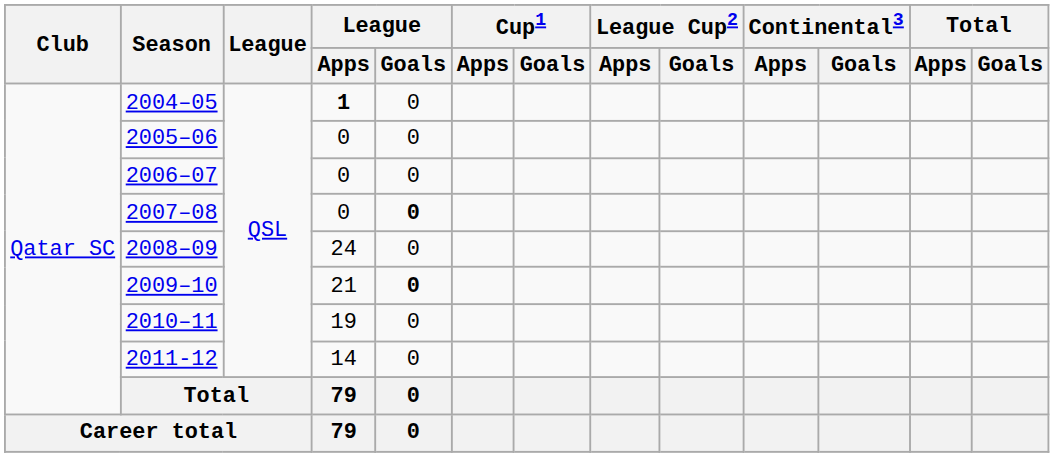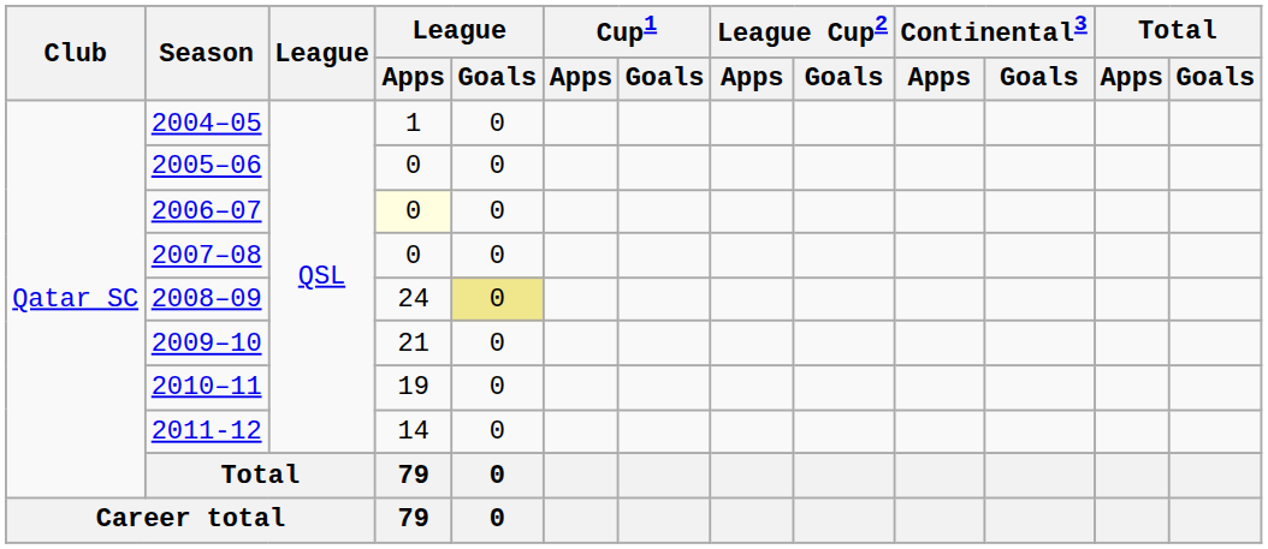 <table class="wikitable" style="font-size:90%; text-align:center;">
 <tr>
 <th rowspan="2">Club</th>
 <th rowspan="2">Season</th>
 <th rowspan="2">League</th>
 <th colspan="2">League</th>
 <th colspan="2">Cup<sup><a href='#'>1</a></sup></th>
 <th colspan="2">League Cup<sup><a href='#'>2</a></sup></th>
 <th colspan="2">Continental<sup><a href='#'>3</a></sup></th>
 <th colspan="2">Total</th>
 </tr>
 <tr>
 <th>Apps</th>
 <th>Goals</th>
 <th>Apps</th>
 <th>Goals</th>
 <th>Apps</th>
 <th>Goals</th>
 <th>Apps</th>
 <th>Goals</th>
 <th>Apps</th>
 <th>Goals</th>
 </tr>
 <tr>
 <td rowspan="9"><a href='#'>Qatar SC</a></td>
 <td><a href='#'>2004–05</a></td>
 <td rowspan="8" valign="center"><a href='#'>QSL</a></td>
-<td><strong>1</strong></td>
+<td>1</td>
 <td>0</td>
 <td></td>
 <td></td>
 <td></td>
 <td></td>
 <td></td>
 <td></td>
 <td></td>
 <td></td>
 </tr>
 <tr>
 <td><a href='#'>2005–06</a></td>
 <td>0</td>
 <td>0</td>
 <td></td>
 <td></td>
 <td></td>
 <td></td>
 <td></td>
 <td></td>
 <td></td>
 <td></td>
 </tr>
 <tr>
 <td><a href='#'>2006–07</a></td>
-<td>0</td>
+<td style="background: lightyellow;">0</td>
 <td>0</td>
 <td></td>
 <td></td>
 <td></td>
 <td></td>
 <td></td>
 <td></td>
 <td></td>
 <td></td>
 </tr>
 <tr>
 <td><a href='#'>2007–08</a></td>
 <td>0</td>
-<td><strong>0</strong></td>
+<td>0</td>
 <td></td>
 <td></td>
 <td></td>
 <td></td>
 <td></td>
 <td></td>
 <td></td>
 <td></td>
 </tr>
 <tr>
 <td><a href='#'>2008–09</a></td>
 <td>24</td>
-<td>0</td>
+<td style="background: khaki;">0</td>
 <td></td>
 <td></td>
 <td></td>
 <td></td>
 <td></td>
 <td></td>
 <td></td>
 <td></td>
 </tr>
 <tr>
 <td><a href='#'>2009–10</a></td>
 <td>21</td>
-<td><strong>0</strong></td>
+<td>0</td>
 <td></td>
 <td></td>
 <td></td>
 <td></td>
 <td></td>
 <td></td>
 <td></td>
 <td></td>
 </tr>
 <tr>
 <td><a href='#'>2010–11</a></td>
 <td>19</td>
 <td>0</td>
 <td></td>
 <td></td>
 <td></td>
 <td></td>
 <td></td>
 <td></td>
 <td></td>
 <td></td>
 </tr>
 <tr>
 <td><a href='#'>2011-12</a></td>
 <td>14</td>
 <td>0</td>
 <td></td>
 <td></td>
 <td></td>
 <td></td>
 <td></td>
 <td></td>
 <td></td>
 <td></td>
 </tr>
 <tr>
 <th colspan="2">Total</th>
 <th>79</th>
 <th>0</th>
 <th></th>
 <th></th>
 <th></th>
 <th></th>
 <th></th>
 <th></th>
 <th></th>
 <th></th>
 </tr>
 <tr>
 <th colspan="3">Career total</th>
 <th>79</th>
 <th>0</th>
 <th></th>
 <th></th>
 <th></th>
 <th></th>
 <th></th>
 <th></th>
 <th></th>
 <th></th>
 </tr>
 </table>
